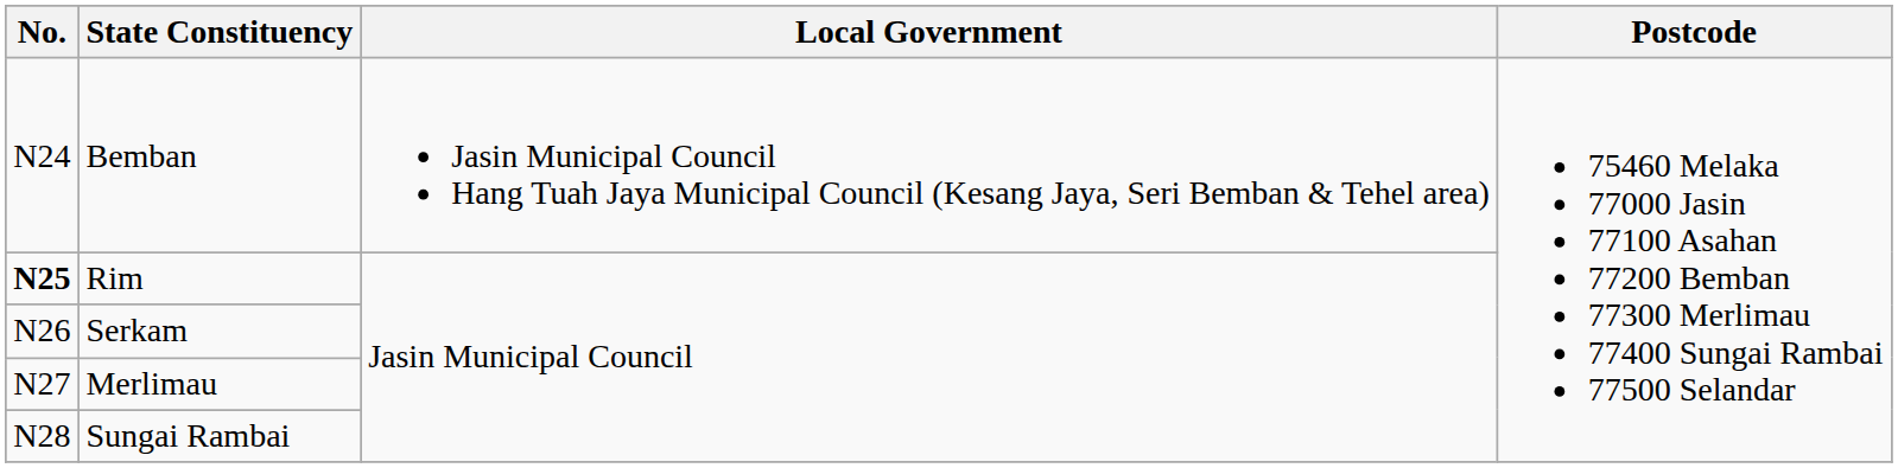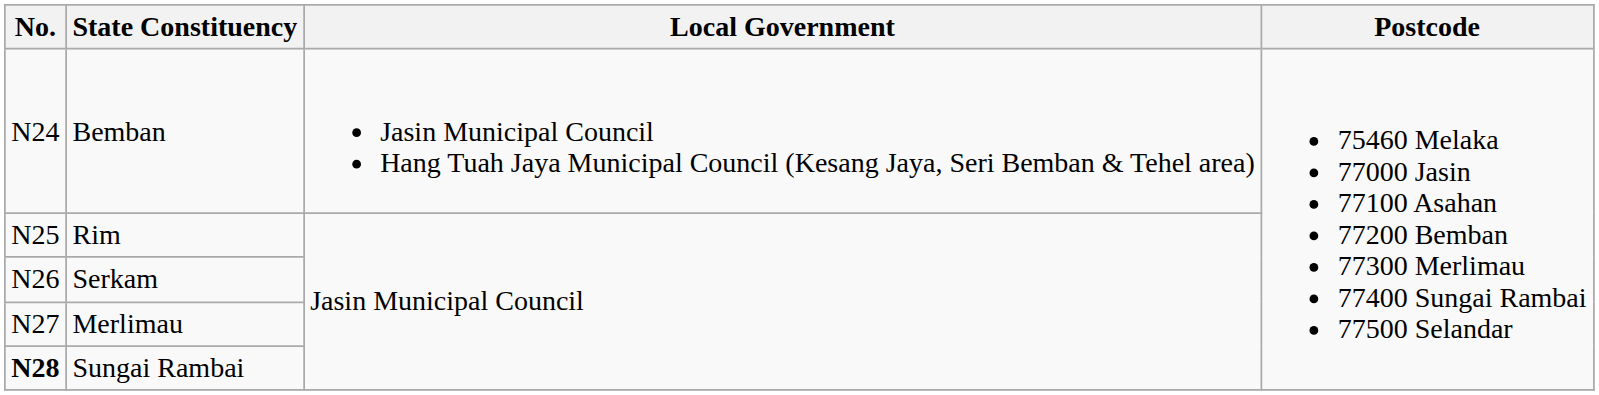 <table class="wikitable">
 <tr>
 <th>No.</th>
 <th>State Constituency</th>
 <th>Local Government</th>
 <th>Postcode</th>
 </tr>
 <tr>
 <td>N24</td>
 <td>Bemban</td>
 <td><br><ul><li>Jasin Municipal Council</li><li>Hang Tuah Jaya Municipal Council (Kesang Jaya, Seri Bemban & Tehel area)</li></ul></td>
 <td rowspan="5"><br><ul><li>75460 Melaka</li><li>77000 Jasin</li><li>77100 Asahan</li><li>77200 Bemban</li><li>77300 Merlimau</li><li>77400 Sungai Rambai</li><li>77500 Selandar</li></ul></td>
 </tr>
 <tr>
-<td><strong>N25</strong></td>
+<td>N25</td>
 <td>Rim</td>
 <td rowspan="4">Jasin Municipal Council</td>
 </tr>
 <tr>
 <td>N26</td>
 <td>Serkam</td>
 </tr>
 <tr>
 <td>N27</td>
 <td>Merlimau</td>
 </tr>
 <tr>
-<td>N28</td>
+<td><strong>N28</strong></td>
 <td>Sungai Rambai</td>
 </tr>
 </table>
